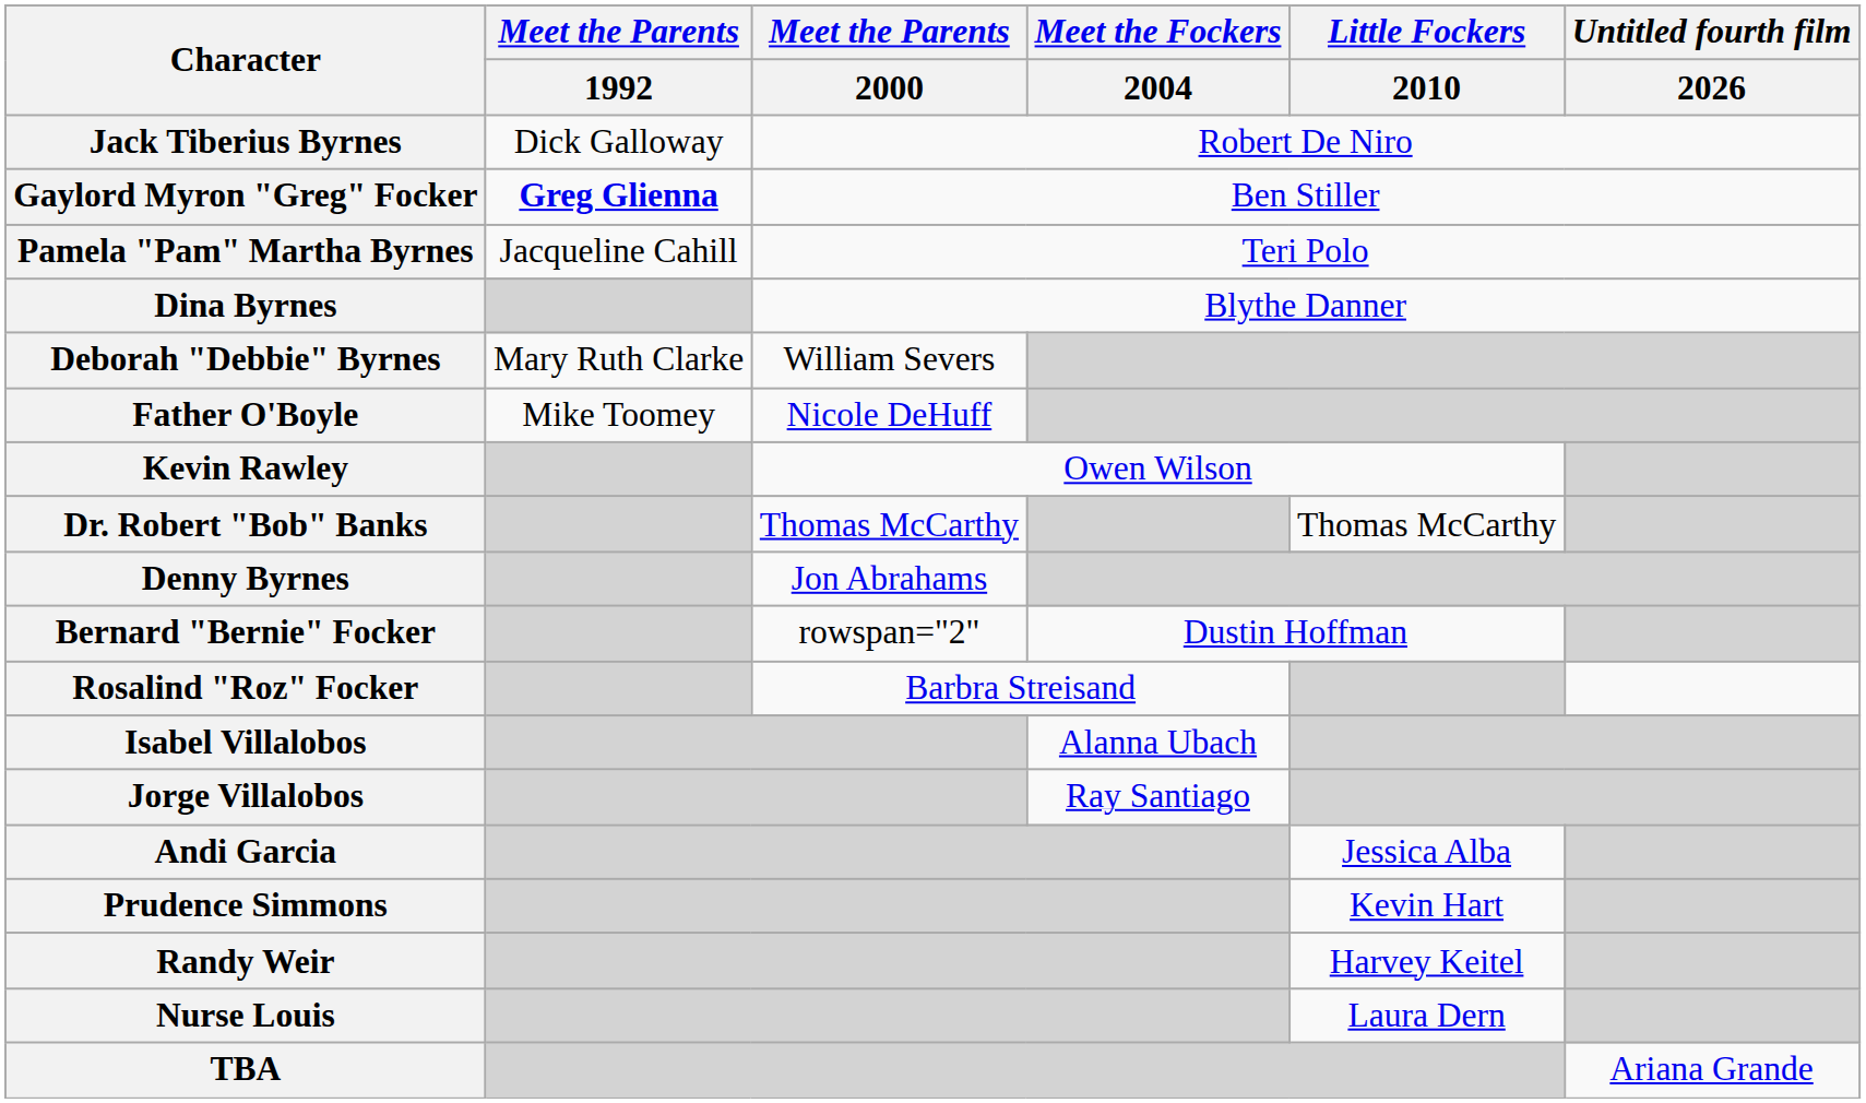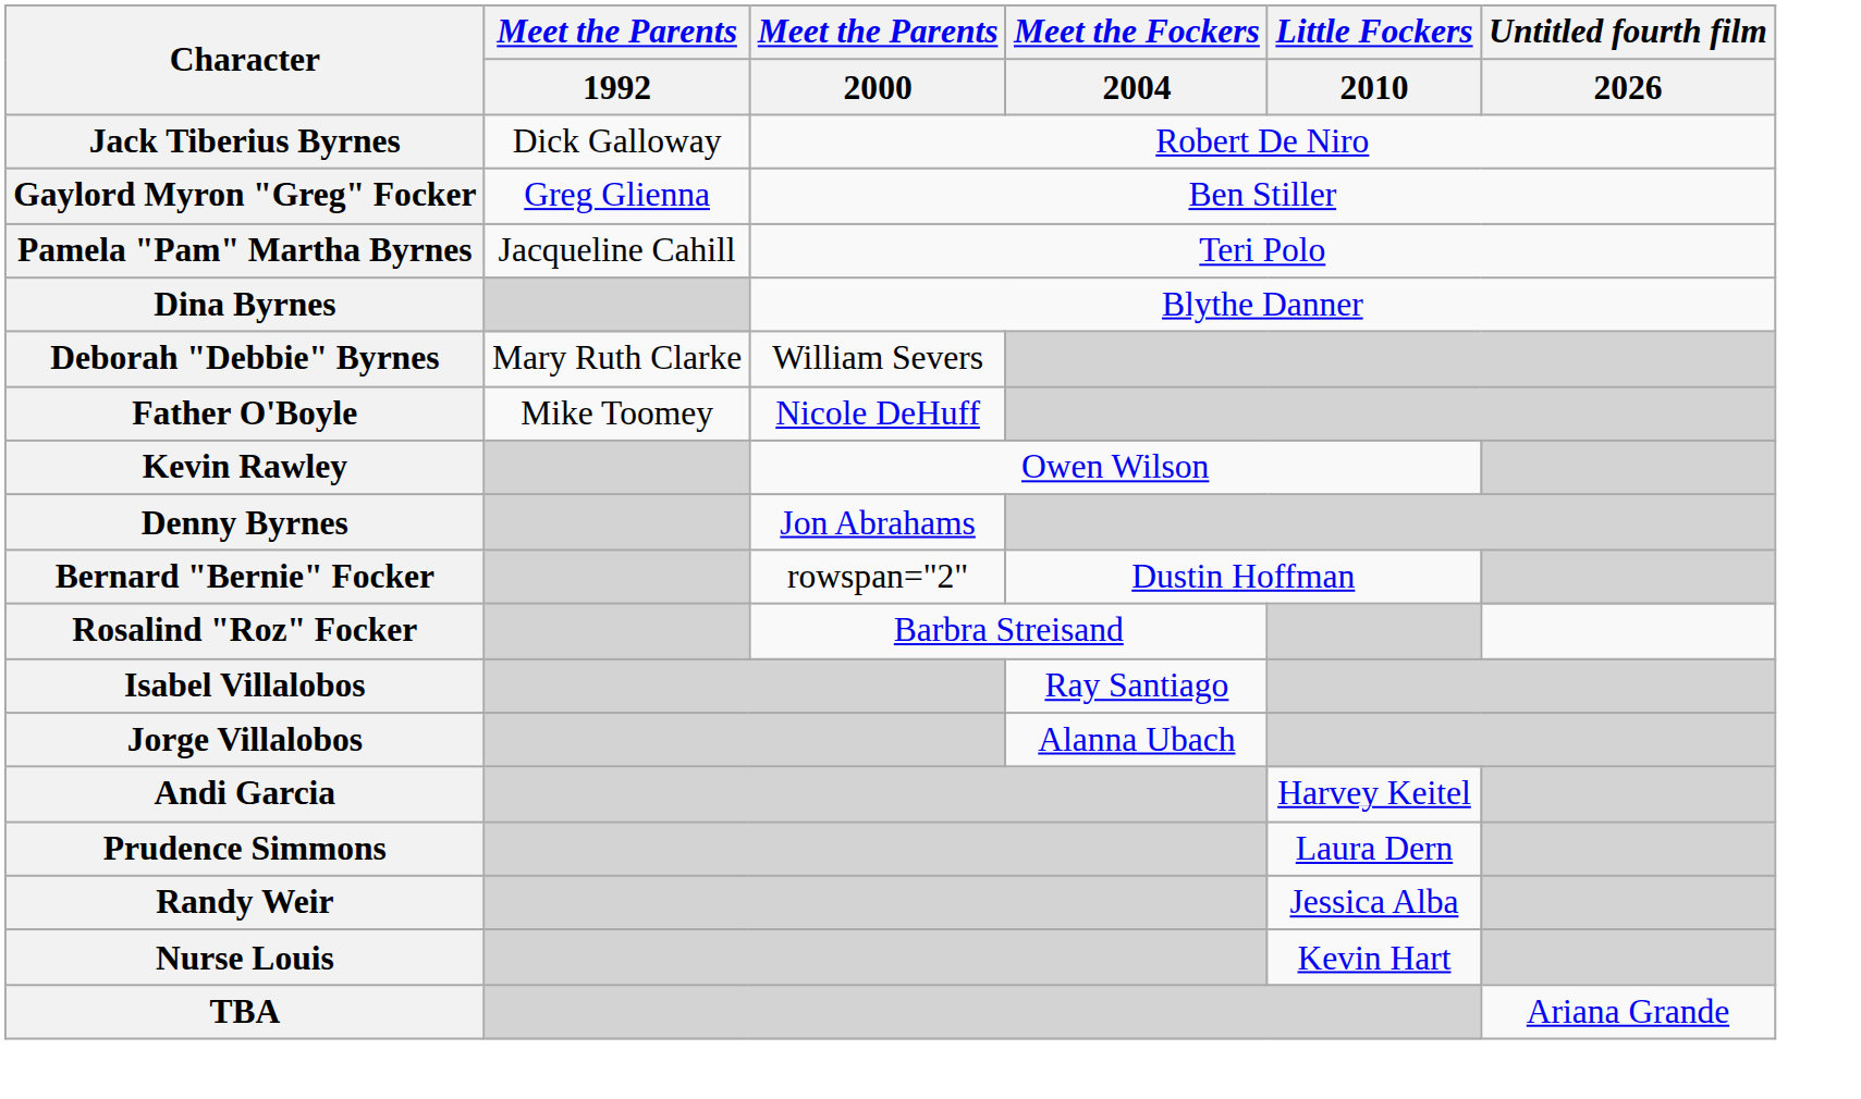 <table class="wikitable" style="text-align:center;">
 <tr>
 <th rowspan="2">Character</th>
 <th><em><a href='#'>Meet the Parents</a></em></th>
 <th><em><a href='#'>Meet the Parents</a></em></th>
 <th><em><a href='#'>Meet the Fockers</a></em></th>
 <th><em><a href='#'>Little Fockers</a></em></th>
 <th><em>Untitled fourth film</em></th>
 </tr>
 <tr>
 <th>1992</th>
 <th>2000</th>
 <th>2004</th>
 <th>2010</th>
 <th>2026</th>
 </tr>
 <tr>
 <th>Jack Tiberius Byrnes</th>
 <td>Dick Galloway</td>
 <td colspan="4"><a href='#'>Robert De Niro</a></td>
 </tr>
 <tr>
 <th>Gaylord Myron "Greg" Focker</th>
-<td><strong><a href='#'>Greg Glienna</a></strong></td>
+<td><a href='#'>Greg Glienna</a></td>
 <td colspan="4"><a href='#'>Ben Stiller</a></td>
 </tr>
 <tr>
 <th>Pamela "Pam" Martha Byrnes</th>
 <td>Jacqueline Cahill</td>
 <td colspan="4"><a href='#'>Teri Polo</a></td>
 </tr>
 <tr>
 <th>Dina Byrnes</th>
 <td style="background-color:#D3D3D3;"></td>
 <td colspan="4"><a href='#'>Blythe Danner</a></td>
 </tr>
 <tr>
 <th>Deborah "Debbie" Byrnes</th>
 <td>Mary Ruth Clarke</td>
 <td>William Severs</td>
 <td colspan="3" style="background-color:#D3D3D3;"></td>
 </tr>
 <tr>
 <th>Father O'Boyle</th>
 <td>Mike Toomey</td>
 <td><a href='#'>Nicole DeHuff</a></td>
 <td colspan="3" style="background-color:#D3D3D3;"></td>
 </tr>
 <tr>
 <th>Kevin Rawley</th>
 <td style="background-color:#D3D3D3;"></td>
 <td colspan="3"><a href='#'>Owen Wilson</a></td>
 <td style="background-color:#D3D3D3;"></td>
 </tr>
 <tr>
-<th>Dr. Robert "Bob" Banks</th>
-<td style="background-color:#D3D3D3;"></td>
-<td><a href='#'>Thomas McCarthy</a></td>
-<td style="background-color:#D3D3D3;"></td>
-<td>Thomas McCarthy</td>
-<td style="background-color:#D3D3D3;"></td>
-</tr>
-<tr>
 <th>Denny Byrnes</th>
 <td style="background-color:#D3D3D3;"></td>
 <td><a href='#'>Jon Abrahams</a></td>
 <td colspan="3" style="background-color:#D3D3D3;"></td>
 </tr>
 <tr>
 <th>Bernard "Bernie" Focker</th>
 <td style="background-color:#D3D3D3;"></td>
 <td>rowspan="2" </td>
 <td colspan="2"><a href='#'>Dustin Hoffman</a></td>
 <td style="background-color:#D3D3D3;"></td>
 </tr>
 <tr>
 <th>Rosalind "Roz" Focker</th>
 <td style="background-color:#D3D3D3;"></td>
 <td colspan="2"><a href='#'>Barbra Streisand</a></td>
 <td style="background-color:#D3D3D3;"></td>
 </tr>
 <tr>
 <th>Isabel Villalobos</th>
 <td colspan="2" style="background-color:#D3D3D3;"></td>
-<td><a href='#'>Alanna Ubach</a></td>
+<td><a href='#'>Ray Santiago</a></td>
 <td colspan="2" style="background-color:#D3D3D3;"></td>
 </tr>
 <tr>
 <th>Jorge Villalobos</th>
 <td colspan="2" style="background-color:#D3D3D3;"></td>
-<td><a href='#'>Ray Santiago</a></td>
+<td><a href='#'>Alanna Ubach</a></td>
 <td colspan="2" style="background-color:#D3D3D3;"></td>
 </tr>
 <tr>
 <th>Andi Garcia</th>
 <td colspan="3" style="background-color:#D3D3D3;"></td>
-<td><a href='#'>Jessica Alba</a></td>
+<td><a href='#'>Harvey Keitel</a></td>
 <td style="background-color:#D3D3D3;"></td>
 </tr>
 <tr>
 <th>Prudence Simmons</th>
 <td colspan="3" style="background-color:#D3D3D3;"></td>
-<td><a href='#'>Kevin Hart</a></td>
+<td><a href='#'>Laura Dern</a></td>
 <td style="background-color:#D3D3D3;"></td>
 </tr>
 <tr>
 <th>Randy Weir</th>
 <td colspan="3" style="background-color:#D3D3D3;"></td>
-<td><a href='#'>Harvey Keitel</a></td>
+<td><a href='#'>Jessica Alba</a></td>
 <td style="background-color:#D3D3D3;"></td>
 </tr>
 <tr>
 <th>Nurse Louis</th>
 <td colspan="3" style="background-color:#D3D3D3;"></td>
-<td><a href='#'>Laura Dern</a></td>
+<td><a href='#'>Kevin Hart</a></td>
 <td style="background-color:#D3D3D3;"></td>
 </tr>
 <tr>
 <th>TBA</th>
 <td colspan="4" style="background-color:#D3D3D3;"></td>
 <td><a href='#'>Ariana Grande</a></td>
 </tr>
 </table>
